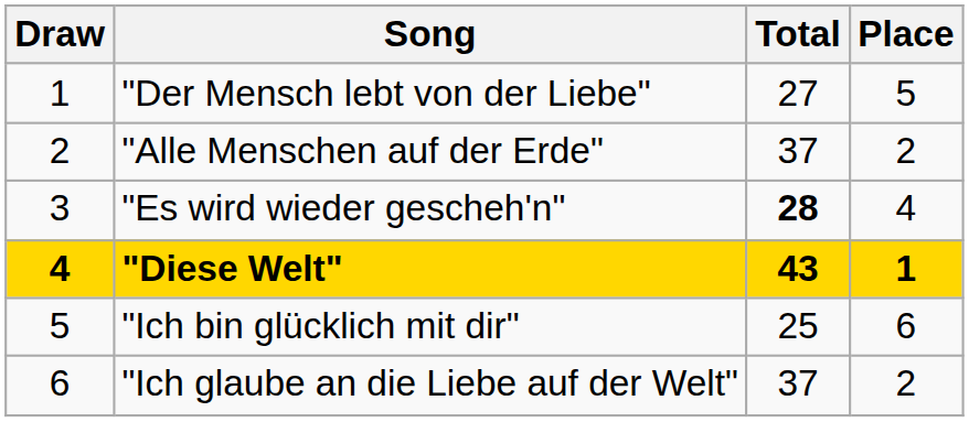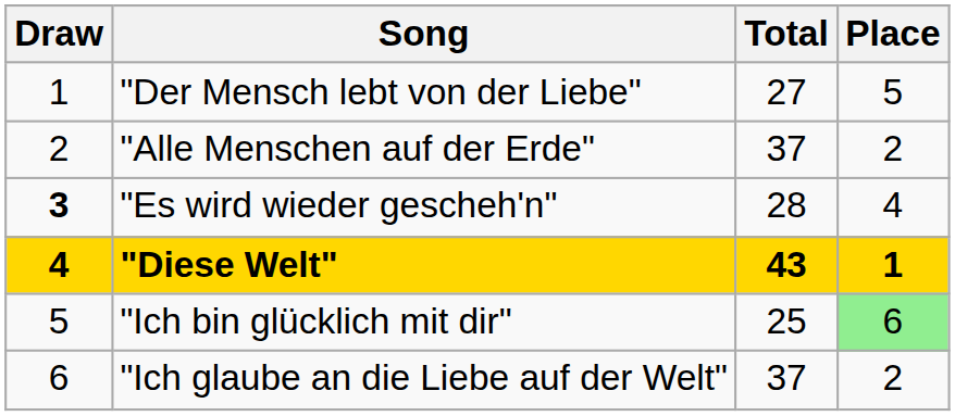 <table class="sortable wikitable" style="margin: 1em auto 1em auto; text-align:center;">
 <tr>
 <th rowspan="2">Draw</th>
 <th rowspan="2">Song</th>
 <th rowspan="2">Total</th>
 <th rowspan="2">Place</th>
 </tr>
 <tr>
 </tr>
 <tr>
 <td>1</td>
 <td align="left">"Der Mensch lebt von der Liebe"</td>
 <td>27</td>
 <td>5</td>
 </tr>
 <tr>
 <td>2</td>
 <td align="left">"Alle Menschen auf der Erde"</td>
 <td>37</td>
 <td>2</td>
 </tr>
 <tr>
-<td>3</td>
+<td><strong>3</strong></td>
 <td align="left">"Es wird wieder gescheh'n"</td>
-<td><strong>28</strong></td>
+<td>28</td>
 <td>4</td>
 </tr>
 <tr style="font-weight:bold; background:gold;">
 <td>4</td>
 <td align="left">"Diese Welt"</td>
 <td>43</td>
 <td>1</td>
 </tr>
 <tr>
 <td>5</td>
 <td align="left">"Ich bin glücklich mit dir"</td>
 <td>25</td>
-<td>6</td>
+<td style="background: lightgreen;">6</td>
 </tr>
 <tr>
 <td>6</td>
 <td align="left">"Ich glaube an die Liebe auf der Welt"</td>
 <td>37</td>
 <td>2</td>
 </tr>
 </table>
